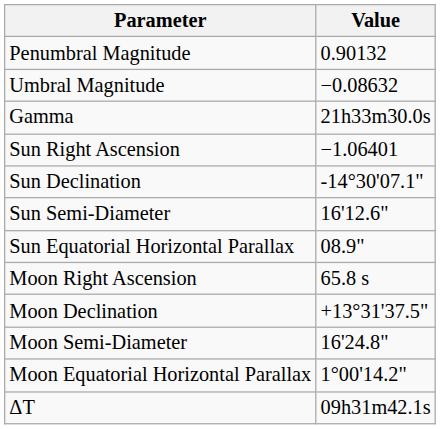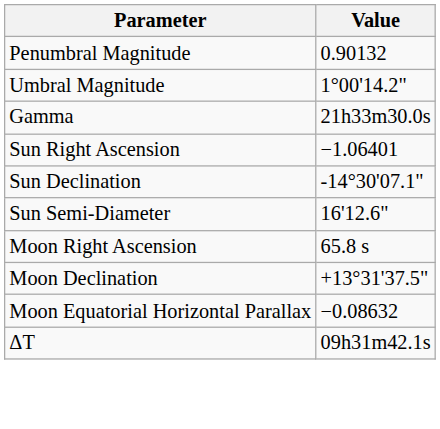 <table class="wikitable">
 <tr>
 <th>Parameter</th>
 <th>Value</th>
 </tr>
 <tr>
 <td>Penumbral Magnitude</td>
 <td>0.90132</td>
 </tr>
 <tr>
 <td>Umbral Magnitude</td>
-<td>−0.08632</td>
+<td>1°00'14.2"</td>
 </tr>
 <tr>
 <td>Gamma</td>
 <td>21h33m30.0s</td>
 </tr>
 <tr>
 <td>Sun Right Ascension</td>
 <td>−1.06401</td>
 </tr>
 <tr>
 <td>Sun Declination</td>
 <td>-14°30'07.1"</td>
 </tr>
 <tr>
 <td>Sun Semi-Diameter</td>
 <td>16'12.6"</td>
 </tr>
 <tr>
-<td>Sun Equatorial Horizontal Parallax</td>
-<td>08.9"</td>
-</tr>
-<tr>
 <td>Moon Right Ascension</td>
 <td>65.8 s</td>
 </tr>
 <tr>
 <td>Moon Declination</td>
 <td>+13°31'37.5"</td>
 </tr>
 <tr>
-<td>Moon Semi-Diameter</td>
-<td>16'24.8"</td>
-</tr>
-<tr>
 <td>Moon Equatorial Horizontal Parallax</td>
-<td>1°00'14.2"</td>
+<td>−0.08632</td>
 </tr>
 <tr>
 <td>ΔT</td>
 <td>09h31m42.1s</td>
 </tr>
 </table>
